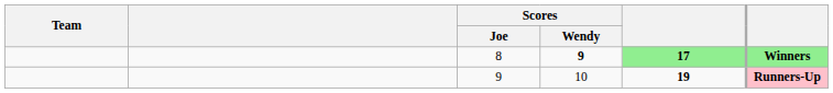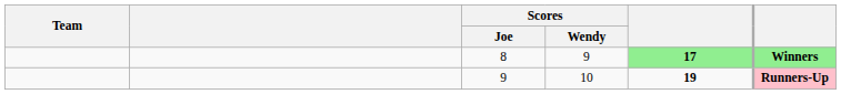 <table class="wikitable plainrowheaders" style="text-align:center; font-size:90%; width:65em;">
 <tr>
 <th rowspan="2">Team</th>
 <th rowspan="2" style="width:40%;"></th>
 <th colspan="2" style="width:30%;">Scores</th>
 <th rowspan="2" style="width:15%;"></th>
 <th rowspan="2" style="width:15%; border-left:3px solid #aaa;"></th>
 </tr>
 <tr>
 <th style="width:10%;">Joe</th>
 <th style="width:10%;">Wendy</th>
 </tr>
 <tr>
 <td style="width:15%;"></td>
 <td></td>
 <td>8</td>
-<td><strong>9</strong></td>
+<td>9</td>
 <td style="background: lightgreen;"><strong>17</strong></td>
 <td style="border-left:3px solid #aaa;" bgcolor="lightgreen"><strong>Winners</strong></td>
 </tr>
 <tr>
 <td style="width:15%;"></td>
 <td></td>
 <td>9</td>
 <td>10</td>
 <td><strong>19</strong></td>
 <td style="border-left:3px solid #aaa;" bgcolor="pink"><strong>Runners-Up</strong></td>
 </tr>
 </table>
